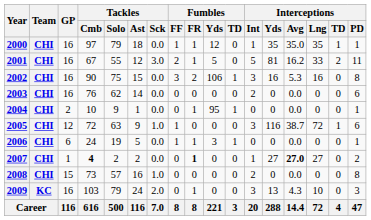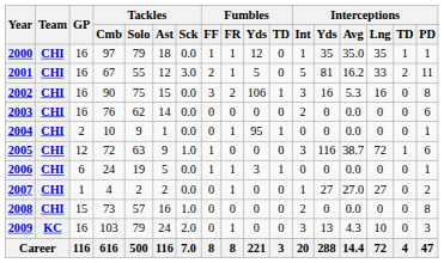 <table class="wikitable" style="text-align: center;">
 <tr>
 <th rowspan="2">Year</th>
 <th rowspan="2">Team</th>
 <th rowspan="2">GP</th>
 <th colspan="4">Tackles</th>
 <th colspan="4">Fumbles</th>
 <th colspan="6">Interceptions</th>
 </tr>
 <tr>
 <th>Cmb</th>
 <th>Solo</th>
 <th>Ast</th>
 <th>Sck</th>
 <th>FF</th>
 <th>FR</th>
 <th>Yds</th>
 <th>TD</th>
 <th>Int</th>
 <th>Yds</th>
 <th>Avg</th>
 <th>Lng</th>
 <th>TD</th>
 <th>PD</th>
 </tr>
 <tr>
 <th><a href='#'>2000</a></th>
 <th><a href='#'>CHI</a></th>
 <td>16</td>
 <td>97</td>
 <td>79</td>
 <td>18</td>
 <td>0.0</td>
 <td>1</td>
 <td>1</td>
 <td>12</td>
 <td>0</td>
 <td>1</td>
 <td>35</td>
 <td>35.0</td>
 <td>35</td>
 <td>1</td>
 <td>1</td>
 </tr>
 <tr>
 <th><a href='#'>2001</a></th>
 <th><a href='#'>CHI</a></th>
 <td>16</td>
 <td>67</td>
 <td>55</td>
 <td>12</td>
 <td>3.0</td>
 <td>2</td>
 <td>1</td>
 <td>5</td>
 <td>0</td>
 <td>5</td>
 <td>81</td>
 <td>16.2</td>
 <td>33</td>
 <td>2</td>
 <td>11</td>
 </tr>
 <tr>
 <th><a href='#'>2002</a></th>
 <th><a href='#'>CHI</a></th>
 <td>16</td>
 <td>90</td>
 <td>75</td>
 <td>15</td>
 <td>0.0</td>
 <td>3</td>
 <td>2</td>
 <td>106</td>
 <td>1</td>
 <td>3</td>
 <td>16</td>
 <td>5.3</td>
 <td>16</td>
 <td>0</td>
 <td>8</td>
 </tr>
 <tr>
 <th><a href='#'>2003</a></th>
 <th><a href='#'>CHI</a></th>
 <td>16</td>
 <td>76</td>
 <td>62</td>
 <td>14</td>
 <td>0.0</td>
 <td>0</td>
 <td>0</td>
 <td>0</td>
 <td>0</td>
 <td>2</td>
 <td>0</td>
 <td>0.0</td>
 <td>0</td>
 <td>0</td>
 <td>6</td>
 </tr>
 <tr>
 <th><a href='#'>2004</a></th>
 <th><a href='#'>CHI</a></th>
 <td>2</td>
 <td>10</td>
 <td>9</td>
 <td>1</td>
 <td>0.0</td>
 <td>0</td>
 <td>1</td>
 <td>95</td>
 <td>1</td>
 <td>0</td>
 <td>0</td>
 <td>0.0</td>
 <td>0</td>
 <td>0</td>
 <td>1</td>
 </tr>
 <tr>
 <th><a href='#'>2005</a></th>
 <th><a href='#'>CHI</a></th>
 <td>12</td>
 <td>72</td>
 <td>63</td>
 <td>9</td>
 <td>1.0</td>
 <td>1</td>
 <td>0</td>
 <td>0</td>
 <td>0</td>
 <td>3</td>
 <td>116</td>
 <td>38.7</td>
 <td>72</td>
 <td>1</td>
 <td>6</td>
 </tr>
 <tr>
 <th><a href='#'>2006</a></th>
 <th><a href='#'>CHI</a></th>
 <td>6</td>
 <td>24</td>
 <td>19</td>
 <td>5</td>
 <td>0.0</td>
 <td>1</td>
 <td>1</td>
 <td>3</td>
 <td>1</td>
 <td>0</td>
 <td>0</td>
 <td>0.0</td>
 <td>0</td>
 <td>0</td>
 <td>1</td>
 </tr>
 <tr>
 <th><a href='#'>2007</a></th>
 <th><a href='#'>CHI</a></th>
 <td>1</td>
-<td><strong>4</strong></td>
+<td>4</td>
 <td>2</td>
 <td>2</td>
 <td>0.0</td>
 <td>0</td>
-<td><strong>1</strong></td>
+<td>1</td>
 <td>0</td>
 <td>0</td>
 <td>1</td>
 <td>27</td>
-<td><strong>27.0</strong></td>
+<td>27.0</td>
 <td>27</td>
 <td>0</td>
 <td>2</td>
 </tr>
 <tr>
 <th><a href='#'>2008</a></th>
 <th><a href='#'>CHI</a></th>
 <td>15</td>
 <td>73</td>
 <td>57</td>
 <td>16</td>
 <td>1.0</td>
 <td>0</td>
 <td>0</td>
 <td>0</td>
 <td>0</td>
 <td>2</td>
 <td>0</td>
 <td>0.0</td>
 <td>0</td>
 <td>0</td>
 <td>8</td>
 </tr>
 <tr>
 <th><a href='#'>2009</a></th>
 <th><a href='#'>KC</a></th>
 <td>16</td>
 <td>103</td>
 <td>79</td>
 <td>24</td>
 <td>2.0</td>
 <td>0</td>
 <td>1</td>
 <td>0</td>
 <td>0</td>
 <td>3</td>
 <td>13</td>
 <td>4.3</td>
 <td>10</td>
 <td>0</td>
 <td>3</td>
 </tr>
 <tr>
 <th colspan="2">Career</th>
 <th>116</th>
 <th>616</th>
 <th>500</th>
 <th>116</th>
 <th>7.0</th>
 <th>8</th>
 <th>8</th>
 <th>221</th>
 <th>3</th>
 <th>20</th>
 <th>288</th>
 <th>14.4</th>
 <th>72</th>
 <th>4</th>
 <th>47</th>
 </tr>
 </table>
